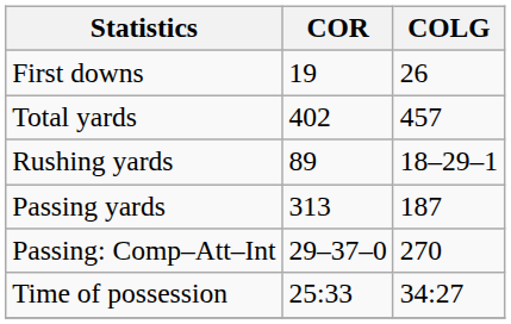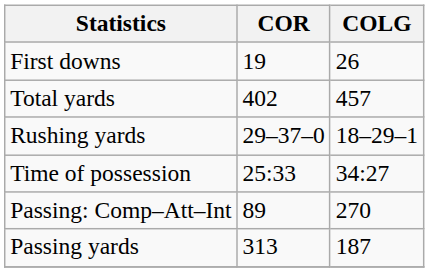 <table class="wikitable" style="float: left;">
 <tr>
 <th>Statistics</th>
 <th>COR</th>
 <th>COLG</th>
 </tr>
 <tr>
 <td>First downs</td>
 <td>19</td>
 <td>26</td>
 </tr>
 <tr>
 <td>Total yards</td>
 <td>402</td>
 <td>457</td>
 </tr>
 <tr>
 <td>Rushing yards</td>
+<td>29–37–0</td>
+<td>18–29–1</td>
+</tr>
+<tr>
+<td>Time of possession</td>
+<td>25:33</td>
+<td>34:27</td>
+</tr>
+<tr>
+<td>Passing: Comp–Att–Int</td>
 <td>89</td>
-<td>18–29–1</td>
+<td>270</td>
 </tr>
 <tr>
 <td>Passing yards</td>
 <td>313</td>
 <td>187</td>
 </tr>
 <tr>
-<td>Passing: Comp–Att–Int</td>
-<td>29–37–0</td>
-<td>270</td>
-</tr>
-<tr>
-<td>Time of possession</td>
-<td>25:33</td>
-<td>34:27</td>
-</tr>
-<tr>
 </tr>
 </table>
